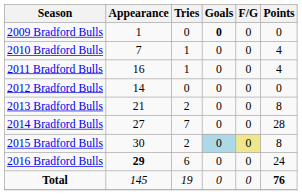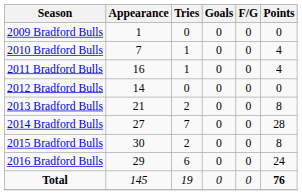 <table class="wikitable" style="text-align:center;">
 <tr bgcolor=#bdb76b>
 <th>Season</th>
 <th>Appearance</th>
 <th>Tries</th>
 <th>Goals</th>
 <th>F/G</th>
 <th>Points</th>
 </tr>
 <tr>
 <td><a href='#'>2009 Bradford Bulls</a></td>
 <td>1</td>
 <td>0</td>
-<td><strong>0</strong></td>
+<td>0</td>
 <td>0</td>
 <td>0</td>
 </tr>
 <tr>
 <td><a href='#'>2010 Bradford Bulls</a></td>
 <td>7</td>
 <td>1</td>
 <td>0</td>
 <td>0</td>
 <td>4</td>
 </tr>
 <tr>
 <td><a href='#'>2011 Bradford Bulls</a></td>
 <td>16</td>
 <td>1</td>
 <td>0</td>
 <td>0</td>
 <td>4</td>
 </tr>
 <tr>
 <td><a href='#'>2012 Bradford Bulls</a></td>
 <td>14</td>
 <td>0</td>
 <td>0</td>
 <td>0</td>
 <td>0</td>
 </tr>
 <tr>
 <td><a href='#'>2013 Bradford Bulls</a></td>
 <td>21</td>
 <td>2</td>
 <td>0</td>
 <td>0</td>
 <td>8</td>
 </tr>
 <tr>
 <td><a href='#'>2014 Bradford Bulls</a></td>
 <td>27</td>
 <td>7</td>
 <td>0</td>
 <td>0</td>
 <td>28</td>
 </tr>
 <tr>
 <td><a href='#'>2015 Bradford Bulls</a></td>
 <td>30</td>
 <td>2</td>
-<td style="background: lightblue;">0</td>
-<td style="background: khaki;">0</td>
+<td>0</td>
+<td>0</td>
 <td>8</td>
 </tr>
 <tr>
 <td><a href='#'>2016 Bradford Bulls</a></td>
-<td><strong>29</strong></td>
+<td>29</td>
 <td>6</td>
 <td>0</td>
 <td>0</td>
 <td>24</td>
 </tr>
 <tr>
 <td><strong>Total</strong></td>
 <td><em>145</em></td>
 <td><em>19</em></td>
 <td><em>0</em></td>
 <td><em>0</em></td>
 <td><strong>76</strong></td>
 </tr>
 <tr>
 </tr>
 </table>
